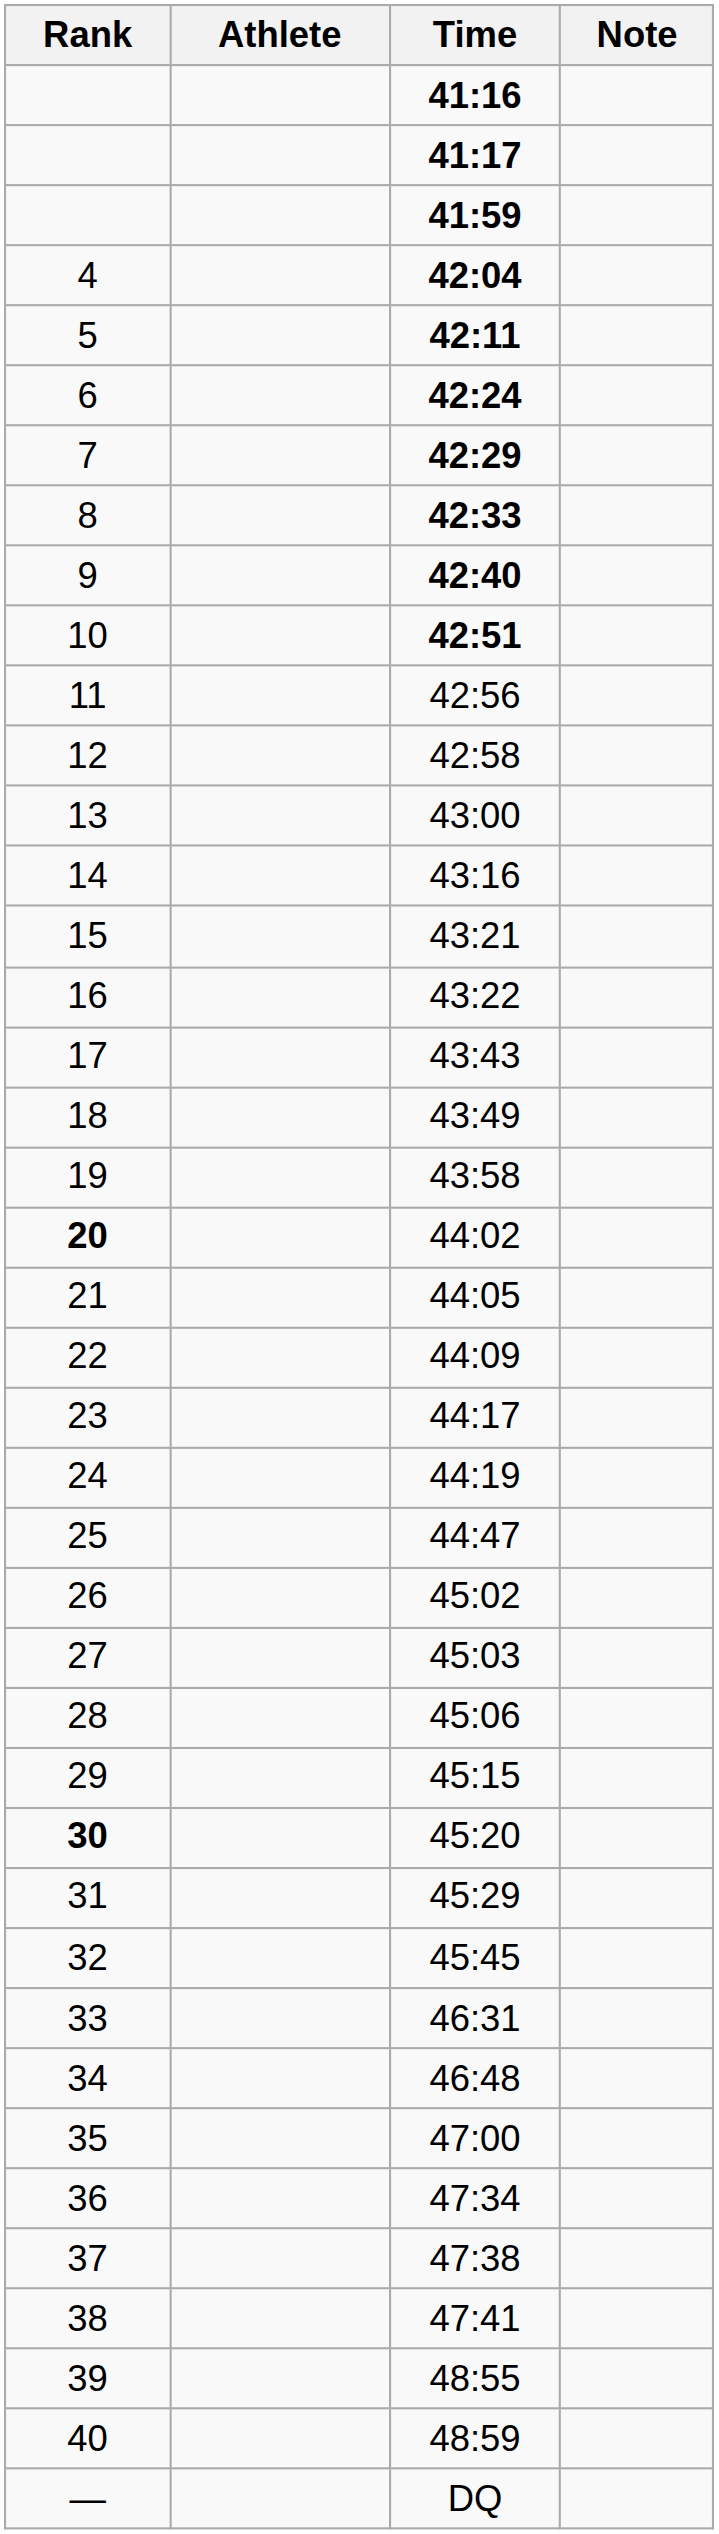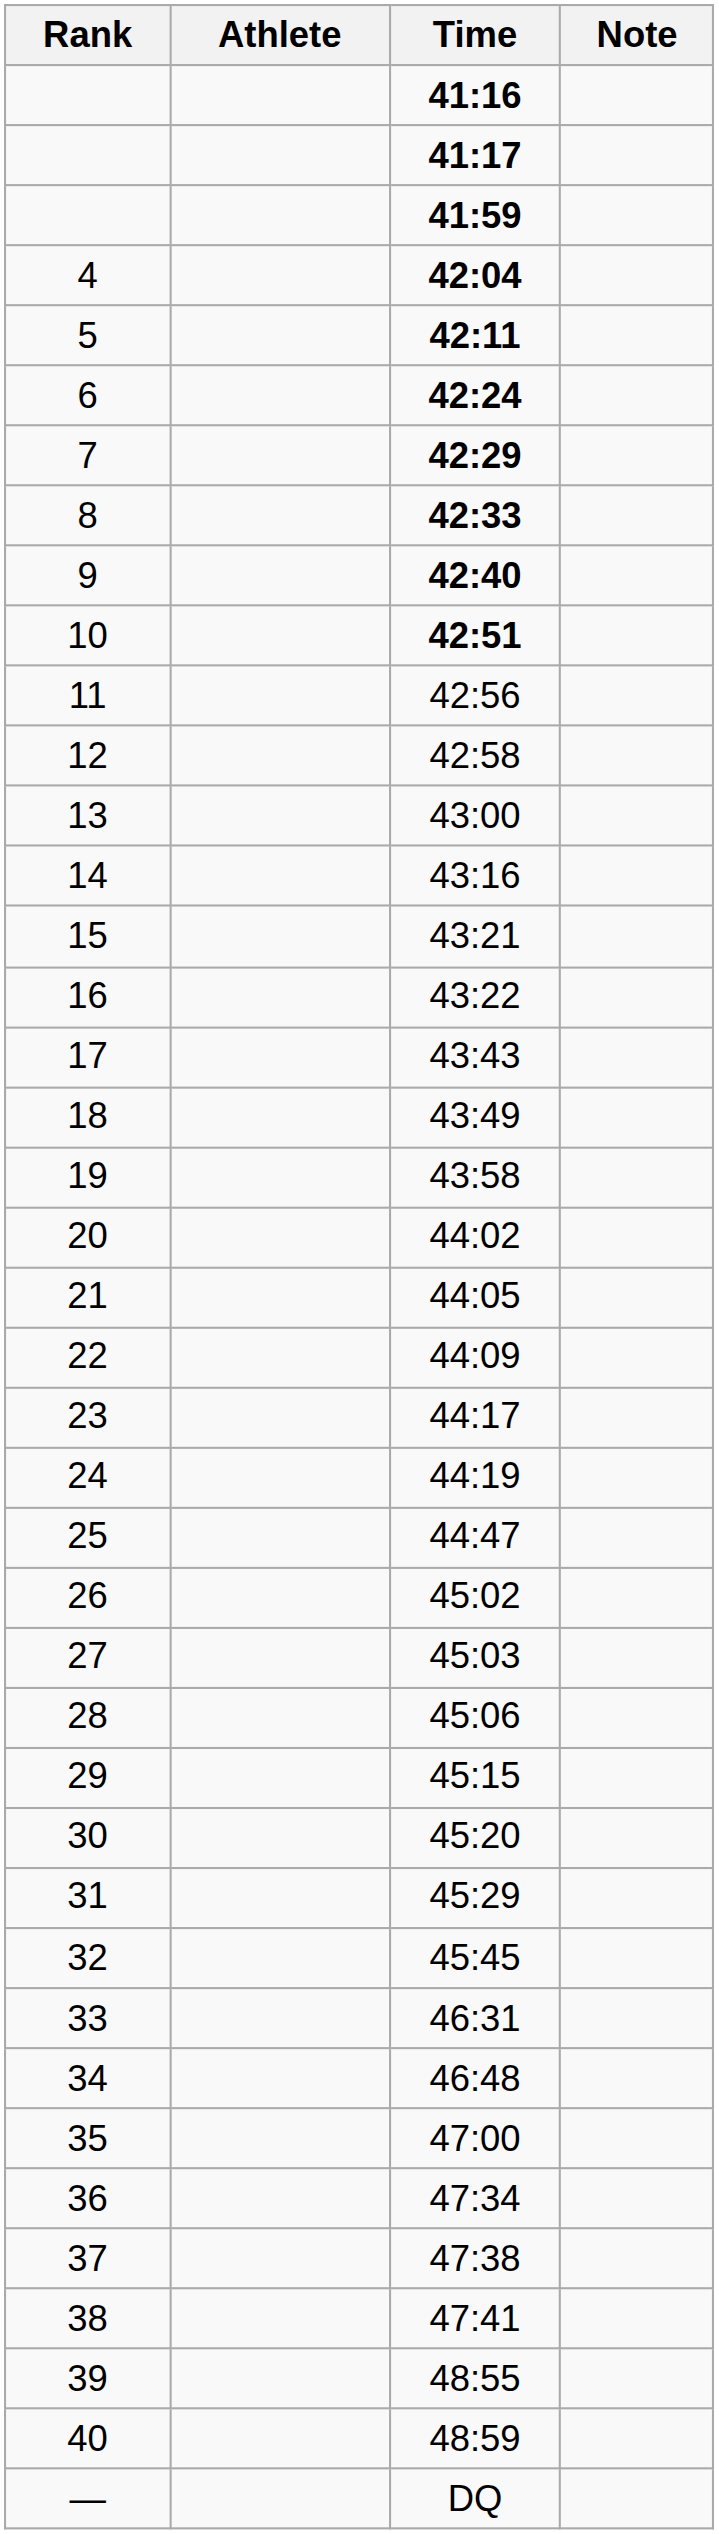 <table class="wikitable" style=" text-align:center; font-size:110%;" width="55%">
 <tr>
 <th>Rank</th>
 <th>Athlete</th>
 <th>Time</th>
 <th>Note</th>
 </tr>
 <tr>
 <td></td>
 <td align=left></td>
 <td><strong>41:16</strong></td>
 <td></td>
 </tr>
 <tr>
 <td></td>
 <td align=left></td>
 <td><strong>41:17</strong></td>
 <td></td>
 </tr>
 <tr>
 <td></td>
 <td align=left></td>
 <td><strong>41:59</strong></td>
 <td></td>
 </tr>
 <tr>
 <td>4</td>
 <td align=left></td>
 <td><strong>42:04</strong></td>
 <td></td>
 </tr>
 <tr>
 <td>5</td>
 <td align=left></td>
 <td><strong>42:11</strong></td>
 <td></td>
 </tr>
 <tr>
 <td>6</td>
 <td align=left></td>
 <td><strong>42:24</strong></td>
 <td></td>
 </tr>
 <tr>
 <td>7</td>
 <td align=left></td>
 <td><strong>42:29</strong></td>
 <td></td>
 </tr>
 <tr>
 <td>8</td>
 <td align=left></td>
 <td><strong>42:33</strong></td>
 <td></td>
 </tr>
 <tr>
 <td>9</td>
 <td align=left></td>
 <td><strong>42:40</strong></td>
 <td></td>
 </tr>
 <tr>
 <td>10</td>
 <td align=left></td>
 <td><strong>42:51</strong></td>
 <td></td>
 </tr>
 <tr>
 <td>11</td>
 <td align=left></td>
 <td>42:56</td>
 <td></td>
 </tr>
 <tr>
 <td>12</td>
 <td align=left></td>
 <td>42:58</td>
 <td></td>
 </tr>
 <tr>
 <td>13</td>
 <td align=left></td>
 <td>43:00</td>
 <td></td>
 </tr>
 <tr>
 <td>14</td>
 <td align=left></td>
 <td>43:16</td>
 <td></td>
 </tr>
 <tr>
 <td>15</td>
 <td align=left></td>
 <td>43:21</td>
 <td></td>
 </tr>
 <tr>
 <td>16</td>
 <td align=left></td>
 <td>43:22</td>
 <td></td>
 </tr>
 <tr>
 <td>17</td>
 <td align=left></td>
 <td>43:43</td>
 <td></td>
 </tr>
 <tr>
 <td>18</td>
 <td align=left></td>
 <td>43:49</td>
 <td></td>
 </tr>
 <tr>
 <td>19</td>
 <td align=left></td>
 <td>43:58</td>
 <td></td>
 </tr>
 <tr>
-<td><strong>20</strong></td>
+<td>20</td>
 <td align=left></td>
 <td>44:02</td>
 <td></td>
 </tr>
 <tr>
 <td>21</td>
 <td align=left></td>
 <td>44:05</td>
 <td></td>
 </tr>
 <tr>
 <td>22</td>
 <td align=left></td>
 <td>44:09</td>
 <td></td>
 </tr>
 <tr>
 <td>23</td>
 <td align=left></td>
 <td>44:17</td>
 <td></td>
 </tr>
 <tr>
 <td>24</td>
 <td align=left></td>
 <td>44:19</td>
 <td></td>
 </tr>
 <tr>
 <td>25</td>
 <td align=left></td>
 <td>44:47</td>
 <td></td>
 </tr>
 <tr>
 <td>26</td>
 <td align=left></td>
 <td>45:02</td>
 <td></td>
 </tr>
 <tr>
 <td>27</td>
 <td align=left></td>
 <td>45:03</td>
 <td></td>
 </tr>
 <tr>
 <td>28</td>
 <td align=left></td>
 <td>45:06</td>
 <td></td>
 </tr>
 <tr>
 <td>29</td>
 <td align=left></td>
 <td>45:15</td>
 <td></td>
 </tr>
 <tr>
-<td><strong>30</strong></td>
+<td>30</td>
 <td align=left></td>
 <td>45:20</td>
 <td></td>
 </tr>
 <tr>
 <td>31</td>
 <td align=left></td>
 <td>45:29</td>
 <td></td>
 </tr>
 <tr>
 <td>32</td>
 <td align=left></td>
 <td>45:45</td>
 <td></td>
 </tr>
 <tr>
 <td>33</td>
 <td align=left></td>
 <td>46:31</td>
 <td></td>
 </tr>
 <tr>
 <td>34</td>
 <td align=left></td>
 <td>46:48</td>
 <td></td>
 </tr>
 <tr>
 <td>35</td>
 <td align=left></td>
 <td>47:00</td>
 <td></td>
 </tr>
 <tr>
 <td>36</td>
 <td align=left></td>
 <td>47:34</td>
 <td></td>
 </tr>
 <tr>
 <td>37</td>
 <td align=left></td>
 <td>47:38</td>
 <td></td>
 </tr>
 <tr>
 <td>38</td>
 <td align=left></td>
 <td>47:41</td>
 <td></td>
 </tr>
 <tr>
 <td>39</td>
 <td align=left></td>
 <td>48:55</td>
 <td></td>
 </tr>
 <tr>
 <td>40</td>
 <td align=left></td>
 <td>48:59</td>
 <td></td>
 </tr>
 <tr>
 <td>—</td>
 <td align=left></td>
 <td>DQ</td>
 <td></td>
 </tr>
 </table>
